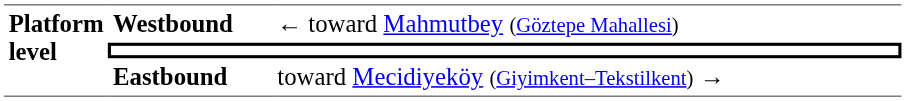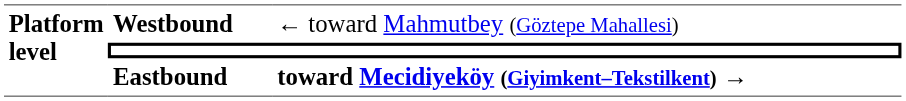 <table cellpadding="3" cellspacing="0" border="0">
 <tr>
 <td rowspan="3" width="50" style="border-top-color: gray; border-bottom-color: gray; border-top-width: 1px; border-bottom-width: 1px; border-top-style: solid; border-bottom-style: solid;" valign="top"><strong>Platform level</strong></td>
 <td width="100" style="border-top-color: gray; border-top-width: 1px; border-top-style: solid;"><strong>Westbound</strong></td>
 <td width="400" style="border-top-color: gray; border-top-width: 1px; border-top-style: solid;">←  toward <a href='#'>Mahmutbey</a> <small>(<a href='#'>Göztepe Mahallesi</a>)</small></td>
 </tr>
 <tr>
 <td colspan="2" style="border: 2px solid black; border-image: none; text-align: center;"></td>
 </tr>
 <tr>
 <td style="border-bottom-color: gray; border-bottom-width: 1px; border-bottom-style: solid;"><strong>Eastbound</strong></td>
-<td style="border-bottom-color: gray; border-bottom-width: 1px; border-bottom-style: solid;"> toward <a href='#'>Mecidiyeköy</a> <small>(<a href='#'>Giyimkent–Tekstilkent</a>)</small> →</td>
+<td style="border-bottom-color: gray; border-bottom-width: 1px; border-bottom-style: solid;"><strong> toward <a href='#'>Mecidiyeköy</a> <small>(<a href='#'>Giyimkent–Tekstilkent</a>)</small> →</strong></td>
 </tr>
 </table>
